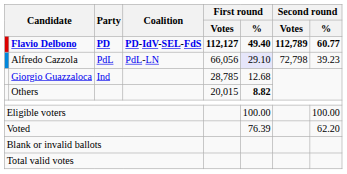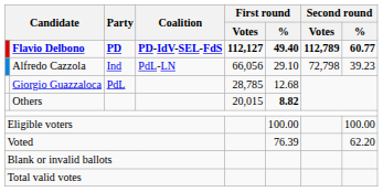 <table class="wikitable centre">
 <tr>
 <th scope="col" rowspan=2 colspan=2>Candidate</th>
 <th scope="col" rowspan=2 colspan=1>Party</th>
 <th scope="col" rowspan=2 colspan=1>Coalition</th>
 <th scope="col" colspan=2>First round</th>
 <th scope="col" colspan=2>Second round</th>
 </tr>
 <tr>
 <th scope="col">Votes</th>
 <th scope="col">%</th>
 <th scope="col">Votes</th>
 <th scope="col">%</th>
 </tr>
 <tr>
 <td bgcolor="#dd0000"></td>
 <td><strong><a href='#'>Flavio Delbono</a></strong></td>
 <td><strong><a href='#'>PD</a></strong></td>
 <td><strong><a href='#'>PD</a>-<a href='#'>IdV</a>-<a href='#'>SEL</a>-<a href='#'>FdS</a></strong></td>
 <td style="text-align: right"><strong>112,127</strong></td>
 <td style="text-align: right"><strong>49.40</strong></td>
 <td style="text-align: right"><strong>112,789</strong></td>
 <td style="text-align: right"><strong>60.77</strong></td>
 </tr>
 <tr>
 <td bgcolor="#0087DC"></td>
 <td>Alfredo Cazzola</td>
-<td><a href='#'>PdL</a></td>
+<td><a href='#'>Ind</a></td>
 <td><a href='#'>PdL</a>-<a href='#'>LN</a></td>
 <td style="text-align: right">66,056</td>
-<td style="background: lavender; text-align: right">29.10</td>
+<td style="text-align: right">29.10</td>
 <td style="text-align: right">72,798</td>
 <td style="text-align: right">39.23</td>
 </tr>
 <tr>
 <td></td>
 <td><a href='#'>Giorgio Guazzaloca</a></td>
-<td><a href='#'>Ind</a></td>
+<td><a href='#'>PdL</a></td>
 <td></td>
 <td style="text-align: right">28,785</td>
 <td style="text-align: right">12.68</td>
 </tr>
 <tr>
 <td bgcolor=""></td>
 <td>Others</td>
 <td></td>
 <td></td>
 <td style="text-align: right">20,015</td>
 <td style="text-align: right"><strong>8.82</strong></td>
 </tr>
 <tr bgcolor=white>
 <td colspan=8></td>
 </tr>
 <tr>
 <td colspan=4>Eligible voters</td>
 <td style="text-align: right"></td>
 <td style="text-align: right">100.00</td>
 <td style="text-align: right"></td>
 <td style="text-align: right">100.00</td>
 </tr>
 <tr>
 <td colspan=4>Voted</td>
 <td style="text-align: right"></td>
 <td style="text-align: right">76.39</td>
 <td style="text-align: right"></td>
 <td style="text-align: right">62.20</td>
 </tr>
 <tr>
 <td colspan=4>Blank or invalid ballots</td>
 <td style="text-align: right"></td>
 <td style="text-align: right"></td>
 <td style="text-align: right"></td>
 <td style="text-align: right"></td>
 </tr>
 <tr>
 <td colspan=4>Total valid votes</td>
 <td style="text-align: right"></td>
 <td style="text-align: right"></td>
 <td style="text-align: right"></td>
 <td style="text-align: right"></td>
 </tr>
 </table>
